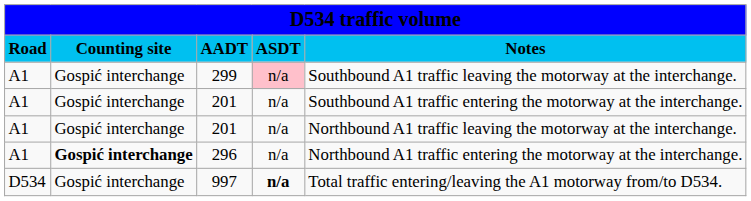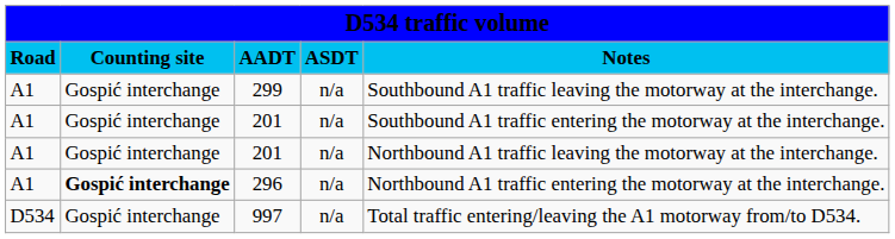 <table class="wikitable">
 <tr>
 <td colspan=5 bgcolor=blue align=center style=margin-top:15><span><big><strong>D534 traffic volume</strong></big></span></td>
 </tr>
 <tr>
 <td align=center bgcolor=00c0f0><strong>Road</strong></td>
 <td align=center bgcolor=00c0f0><strong>Counting site</strong></td>
 <td align=center bgcolor=00c0f0><strong>AADT</strong></td>
 <td align=center bgcolor=00c0f0><strong>ASDT</strong></td>
 <td align=center bgcolor=00c0f0><strong>Notes</strong></td>
 </tr>
 <tr>
 <td> A1</td>
 <td>Gospić interchange</td>
 <td align=center>299</td>
-<td align=center style="background: pink;">n/a</td>
+<td align=center>n/a</td>
 <td>Southbound A1 traffic leaving the motorway at the interchange.</td>
 </tr>
 <tr>
 <td> A1</td>
 <td>Gospić interchange</td>
 <td align=center>201</td>
 <td align=center>n/a</td>
 <td>Southbound A1 traffic entering the motorway at the interchange.</td>
 </tr>
 <tr>
 <td> A1</td>
 <td>Gospić interchange</td>
 <td align=center>201</td>
 <td align=center>n/a</td>
 <td>Northbound A1 traffic leaving the motorway at the interchange.</td>
 </tr>
 <tr>
 <td> A1</td>
 <td><strong>Gospić interchange</strong></td>
 <td align=center>296</td>
 <td align=center>n/a</td>
 <td>Northbound A1 traffic entering the motorway at the interchange.</td>
 </tr>
 <tr>
 <td> D534</td>
 <td>Gospić interchange</td>
 <td align=center>997</td>
-<td align=center><strong>n/a</strong></td>
+<td align=center>n/a</td>
 <td>Total traffic entering/leaving the A1 motorway from/to D534.</td>
 </tr>
 </table>
